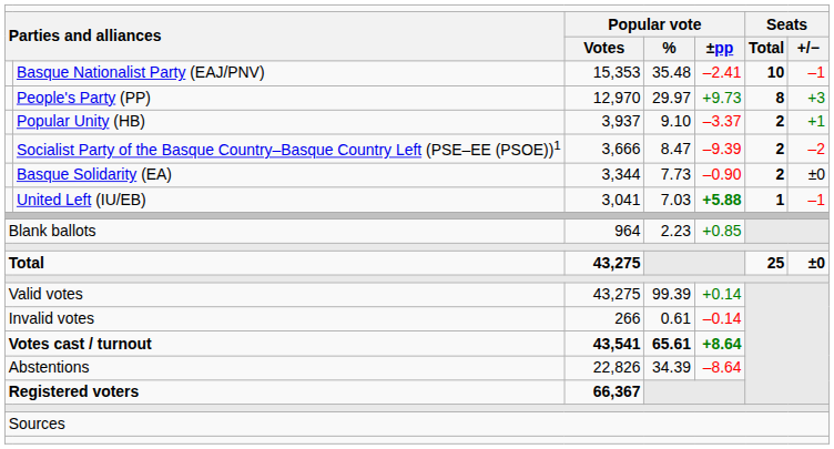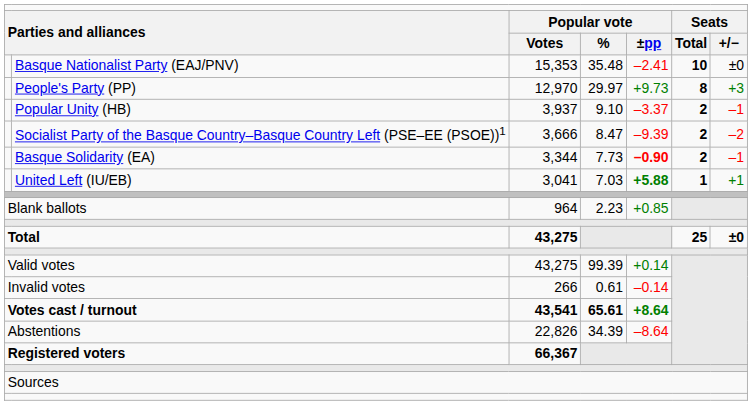 <table class="wikitable" style="text-align:right;">
 <tr>
 <td colspan="7"></td>
 </tr>
 <tr>
 <th style="text-align:left;" rowspan="2" colspan="2" width="525">Parties and alliances</th>
 <th colspan="3">Popular vote</th>
 <th colspan="2">Seats</th>
 </tr>
 <tr>
 <th width="75">Votes</th>
 <th width="45">%</th>
 <th width="45">±<a href='#'>pp</a></th>
 <th width="35">Total</th>
 <th width="35">+/−</th>
 </tr>
 <tr>
 <td width="1" style="color:inherit;background:"></td>
 <td align="left"><a href='#'>Basque Nationalist Party</a> (EAJ/PNV)</td>
 <td>15,353</td>
 <td>35.48</td>
 <td style="color:red;">–2.41</td>
 <td><strong>10</strong></td>
-<td style="color:red;">–1</td>
+<td>±0</td>
 </tr>
 <tr>
 <td style="color:inherit;background:"></td>
 <td align="left"><a href='#'>People's Party</a> (PP)</td>
 <td>12,970</td>
 <td>29.97</td>
 <td style="color:green;">+9.73</td>
 <td><strong>8</strong></td>
 <td style="color:green;">+3</td>
 </tr>
 <tr>
 <td style="color:inherit;background:"></td>
 <td align="left"><a href='#'>Popular Unity</a> (HB)</td>
 <td>3,937</td>
 <td>9.10</td>
 <td style="color:red;">–3.37</td>
 <td><strong>2</strong></td>
-<td style="color:green;">+1</td>
+<td style="color:red;">–1</td>
 </tr>
 <tr>
 <td style="color:inherit;background:"></td>
 <td align="left"><a href='#'>Socialist Party of the Basque Country–Basque Country Left</a> (PSE–EE (PSOE))<sup>1</sup></td>
 <td>3,666</td>
 <td>8.47</td>
 <td style="color:red;">–9.39</td>
 <td><strong>2</strong></td>
 <td style="color:red;">–2</td>
 </tr>
 <tr>
 <td style="color:inherit;background:"></td>
 <td align="left"><a href='#'>Basque Solidarity</a> (EA)</td>
 <td>3,344</td>
 <td>7.73</td>
-<td style="color:red;">–0.90</td>
+<td style="color:red;"><strong>–0.90</strong></td>
 <td><strong>2</strong></td>
-<td>±0</td>
+<td style="color:red;">–1</td>
 </tr>
 <tr>
 <td style="color:inherit;background:"></td>
 <td align="left"><a href='#'>United Left</a> (IU/EB)</td>
 <td>3,041</td>
 <td>7.03</td>
 <td style="color:green;"><strong>+5.88</strong></td>
 <td><strong>1</strong></td>
-<td style="color:red;">–1</td>
+<td style="color:green;">+1</td>
 </tr>
 <tr>
 <td colspan="7" bgcolor="#C0C0C0"></td>
 </tr>
 <tr>
 <td align="left" colspan="2">Blank ballots</td>
 <td>964</td>
 <td>2.23</td>
 <td style="color:green;">+0.85</td>
 <td bgcolor="#E9E9E9" colspan="2"></td>
 </tr>
 <tr>
 <td colspan="7" bgcolor="#E9E9E9"></td>
 </tr>
 <tr style="font-weight:bold;">
 <td align="left" colspan="2">Total</td>
 <td>43,275</td>
 <td bgcolor="#E9E9E9" colspan="2"></td>
 <td>25</td>
 <td>±0</td>
 </tr>
 <tr>
 <td colspan="7" bgcolor="#E9E9E9"></td>
 </tr>
 <tr>
 <td align="left" colspan="2">Valid votes</td>
 <td>43,275</td>
 <td>99.39</td>
 <td style="color:green;">+0.14</td>
 <td bgcolor="#E9E9E9" colspan="2" rowspan="5"></td>
 </tr>
 <tr>
 <td align="left" colspan="2">Invalid votes</td>
 <td>266</td>
 <td>0.61</td>
 <td style="color:red;">–0.14</td>
 </tr>
 <tr style="font-weight:bold;">
 <td align="left" colspan="2">Votes cast / turnout</td>
 <td>43,541</td>
 <td>65.61</td>
 <td style="color:green;">+8.64</td>
 </tr>
 <tr>
 <td align="left" colspan="2">Abstentions</td>
 <td>22,826</td>
 <td>34.39</td>
 <td style="color:red;">–8.64</td>
 </tr>
 <tr style="font-weight:bold;">
 <td align="left" colspan="2">Registered voters</td>
 <td>66,367</td>
 <td bgcolor="#E9E9E9" colspan="2"></td>
 </tr>
 <tr>
 <td colspan="7" bgcolor="#E9E9E9"></td>
 </tr>
 <tr>
 <td align="left" colspan="7">Sources</td>
 </tr>
 <tr>
 <td colspan="7" style="text-align:left; max-width:790px;"></td>
 </tr>
 </table>
